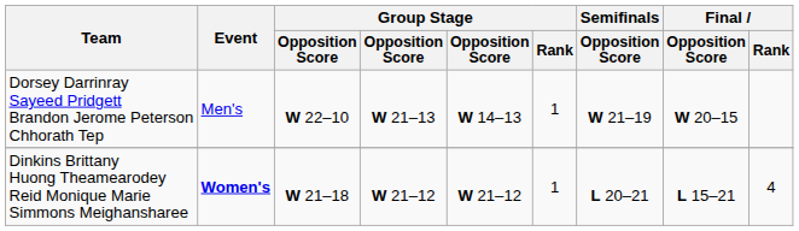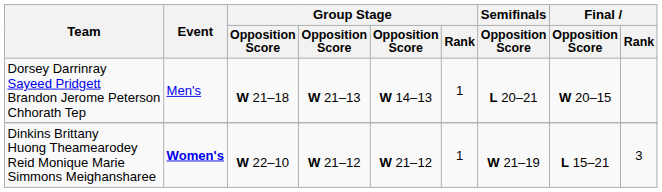 <table class="wikitable" style="font-size:90%">
 <tr>
 <th rowspan=2>Team</th>
 <th rowspan=2>Event</th>
 <th colspan=4>Group Stage</th>
 <th>Semifinals</th>
 <th colspan=2>Final / </th>
 </tr>
 <tr style="font-size:95%">
 <th>Opposition<br>Score</th>
 <th>Opposition<br>Score</th>
 <th>Opposition<br>Score</th>
 <th>Rank</th>
 <th>Opposition<br>Score</th>
 <th>Opposition<br>Score</th>
 <th>Rank</th>
 </tr>
 <tr align=center>
 <td align=left>Dorsey Darrinray<br><a href='#'>Sayeed Pridgett</a><br>Brandon Jerome Peterson<br>Chhorath Tep</td>
 <td align=left><a href='#'>Men's</a></td>
-<td><br><strong>W</strong> 22–10</td>
+<td><br><strong>W</strong> 21–18</td>
 <td><br><strong>W</strong> 21–13</td>
 <td><br><strong>W</strong> 14–13</td>
 <td>1</td>
-<td><br><strong>W</strong> 21–19</td>
+<td><br><strong>L</strong> 20–21</td>
 <td><br><strong>W</strong> 20–15</td>
 <td></td>
 </tr>
 <tr>
 </tr>
 <tr align=center>
 <td align=left>Dinkins Brittany<br>Huong Theamearodey<br>Reid Monique Marie<br>Simmons Meighansharee</td>
 <td align=left><strong><a href='#'>Women's</a></strong></td>
-<td><br><strong>W</strong> 21–18</td>
+<td><br><strong>W</strong> 22–10</td>
 <td><br><strong>W</strong> 21–12</td>
 <td><br><strong>W</strong> 21–12</td>
 <td>1</td>
-<td><br><strong>L</strong> 20–21</td>
+<td><br><strong>W</strong> 21–19</td>
 <td><br><strong>L</strong> 15–21</td>
-<td>4</td>
+<td>3</td>
 </tr>
 </table>
